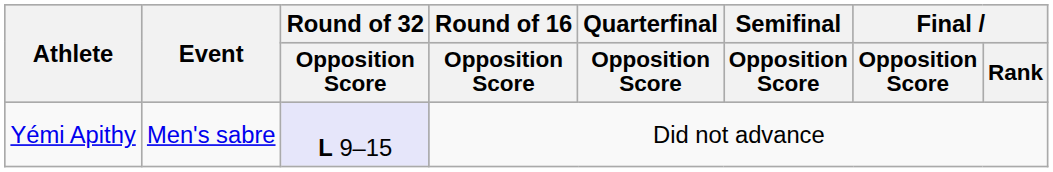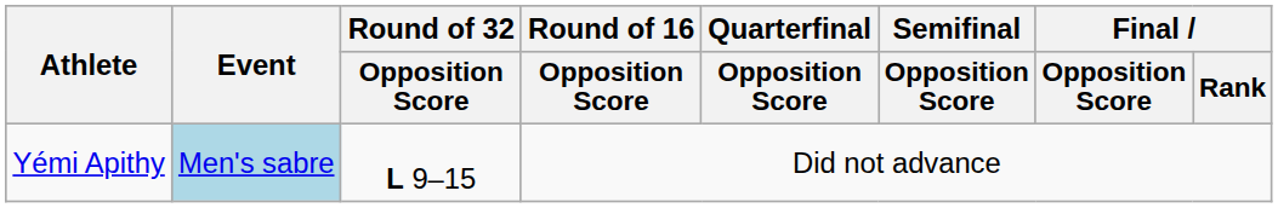 <table class="wikitable" style="font-size:90%">
 <tr>
 <th rowspan=2>Athlete</th>
 <th rowspan=2>Event</th>
 <th>Round of 32</th>
 <th>Round of 16</th>
 <th>Quarterfinal</th>
 <th>Semifinal</th>
 <th colspan=2>Final / </th>
 </tr>
 <tr style="font-size:95%">
 <th>Opposition<br>Score</th>
 <th>Opposition<br>Score</th>
 <th>Opposition<br>Score</th>
 <th>Opposition<br>Score</th>
 <th>Opposition<br>Score</th>
 <th>Rank</th>
 </tr>
 <tr align=center>
 <td align=left><a href='#'>Yémi Apithy</a></td>
-<td align=left><a href='#'>Men's sabre</a></td>
-<td style="background: lavender;"><br><strong>L</strong> 9–15</td>
+<td align=left style="background: lightblue;"><a href='#'>Men's sabre</a></td>
+<td><br><strong>L</strong> 9–15</td>
 <td colspan=5>Did not advance</td>
 </tr>
 </table>
